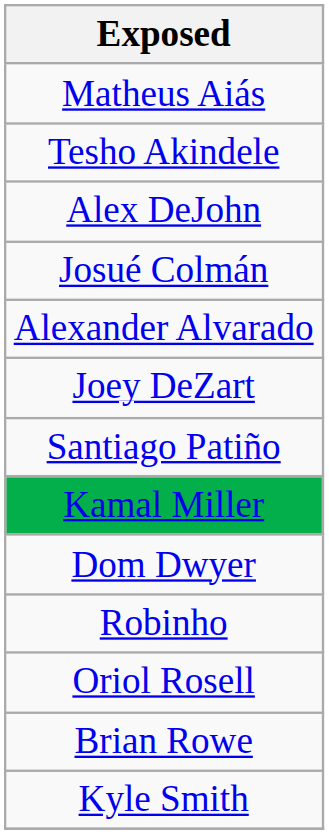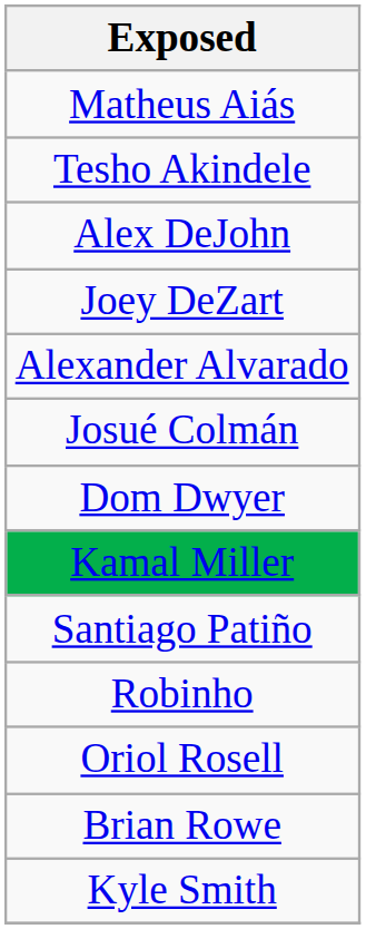 <table class="wikitable" style="text-align:center">
 <tr>
 <th>Exposed</th>
 </tr>
 <tr>
 <td><a href='#'>Matheus Aiás</a></td>
 </tr>
 <tr>
 <td><a href='#'>Tesho Akindele</a></td>
 </tr>
 <tr>
 <td><a href='#'>Alex DeJohn</a></td>
 </tr>
 <tr>
-<td><a href='#'>Josué Colmán</a></td>
+<td><a href='#'>Joey DeZart</a></td>
 </tr>
 <tr>
 <td><a href='#'>Alexander Alvarado</a></td>
 </tr>
 <tr>
-<td><a href='#'>Joey DeZart</a></td>
+<td><a href='#'>Josué Colmán</a></td>
 </tr>
 <tr>
-<td><a href='#'>Santiago Patiño</a></td>
+<td><a href='#'>Dom Dwyer</a></td>
 </tr>
 <tr>
 <td style="background: #03AF4B"><a href='#'>Kamal Miller</a></td>
 </tr>
 <tr>
-<td><a href='#'>Dom Dwyer</a></td>
+<td><a href='#'>Santiago Patiño</a></td>
 </tr>
 <tr>
 <td><a href='#'>Robinho</a></td>
 </tr>
 <tr>
 <td><a href='#'>Oriol Rosell</a></td>
 </tr>
 <tr>
 <td><a href='#'>Brian Rowe</a></td>
 </tr>
 <tr>
 <td><a href='#'>Kyle Smith</a></td>
 </tr>
 <tr>
 </tr>
 </table>
